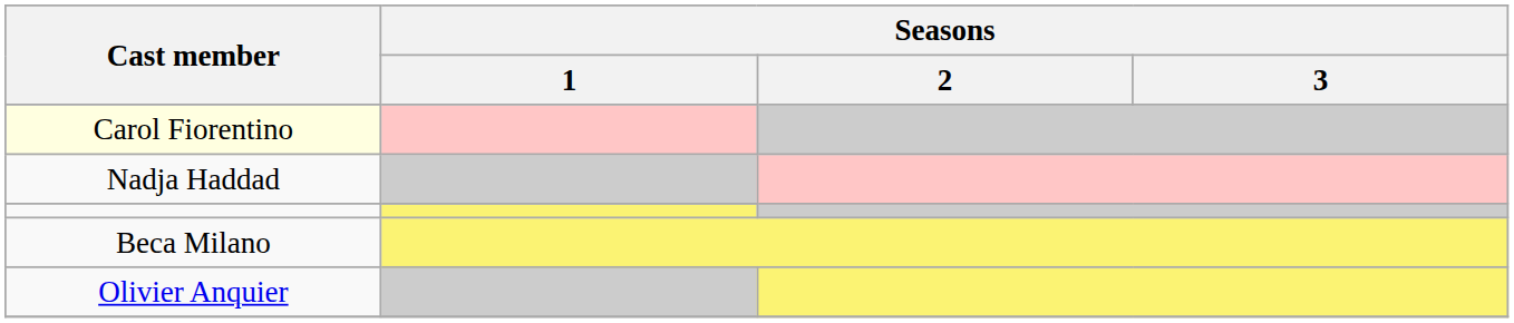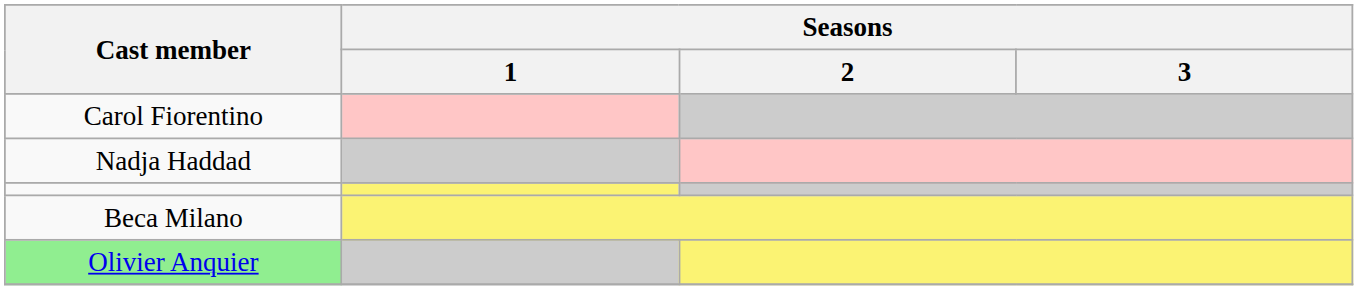 <table class="wikitable" style="text-align:center; font-size:95%; width:60%;">
 <tr>
 <th rowspan=2 width=125>Cast member</th>
 <th colspan=3 width=125>Seasons</th>
 </tr>
 <tr>
 <th width=125>1</th>
 <th width=125>2</th>
 <th width=125>3</th>
 </tr>
 <tr>
-<td style="background: lightyellow;">Carol Fiorentino</td>
+<td>Carol Fiorentino</td>
 <td colspan=1 bgcolor=FFC6C6></td>
 <td colspan=2 bgcolor=CCCCCC></td>
 </tr>
 <tr>
 <td>Nadja Haddad</td>
 <td colspan=1 bgcolor=CCCCCC></td>
 <td colspan=2 bgcolor=FFC6C6></td>
 </tr>
 <tr>
 <td></td>
 <td colspan=1 bgcolor=FBF373></td>
 <td colspan=2 bgcolor=CCCCCC></td>
 </tr>
 <tr>
 <td>Beca Milano</td>
 <td colspan=3 bgcolor=FBF373></td>
 </tr>
 <tr>
-<td><a href='#'>Olivier Anquier</a></td>
+<td style="background: lightgreen;"><a href='#'>Olivier Anquier</a></td>
 <td colspan=1 bgcolor=CCCCCC></td>
 <td colspan=2 bgcolor=FBF373></td>
 </tr>
 <tr>
 </tr>
 </table>
